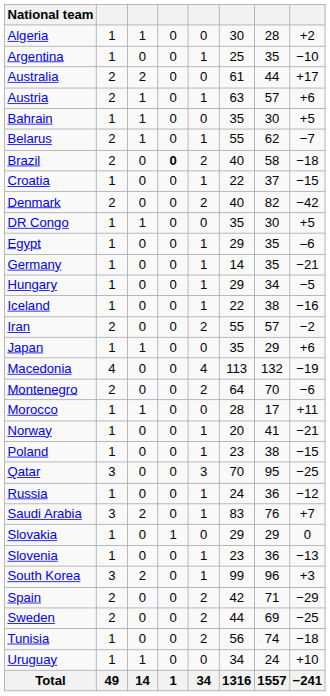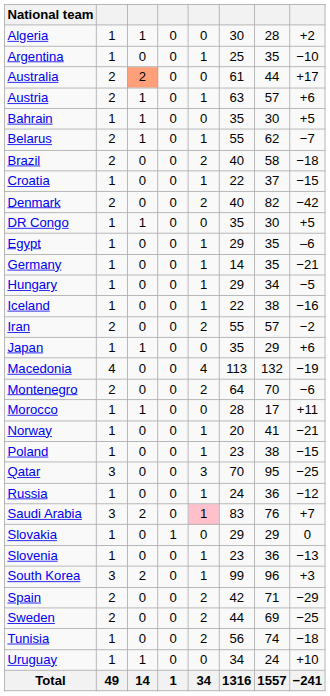 <table class="wikitable" style="text-align: center;">
 <tr>
 <th>National team</th>
 <th width="30"></th>
 <th width="30"></th>
 <th width="30"></th>
 <th width="30"></th>
 <th></th>
 <th></th>
 <th></th>
 </tr>
 <tr>
 <td align="left"> <a href='#'>Algeria</a></td>
 <td>1</td>
 <td>1</td>
 <td>0</td>
 <td>0</td>
 <td>30</td>
 <td>28</td>
 <td>+2</td>
 </tr>
 <tr>
 <td align="left"> <a href='#'>Argentina</a></td>
 <td>1</td>
 <td>0</td>
 <td>0</td>
 <td>1</td>
 <td>25</td>
 <td>35</td>
 <td>−10</td>
 </tr>
 <tr>
 <td align="left"> <a href='#'>Australia</a></td>
 <td>2</td>
-<td>2</td>
+<td style="background: lightsalmon;">2</td>
 <td>0</td>
 <td>0</td>
 <td>61</td>
 <td>44</td>
 <td>+17</td>
 </tr>
 <tr>
 <td align="left"> <a href='#'>Austria</a></td>
 <td>2</td>
 <td>1</td>
 <td>0</td>
 <td>1</td>
 <td>63</td>
 <td>57</td>
 <td>+6</td>
 </tr>
 <tr>
 <td align="left"> <a href='#'>Bahrain</a></td>
 <td>1</td>
 <td>1</td>
 <td>0</td>
 <td>0</td>
 <td>35</td>
 <td>30</td>
 <td>+5</td>
 </tr>
 <tr>
 <td align="left"> <a href='#'>Belarus</a></td>
 <td>2</td>
 <td>1</td>
 <td>0</td>
 <td>1</td>
 <td>55</td>
 <td>62</td>
 <td>−7</td>
 </tr>
 <tr>
 <td align="left"> <a href='#'>Brazil</a></td>
 <td>2</td>
 <td>0</td>
-<td><strong>0</strong></td>
+<td>0</td>
 <td>2</td>
 <td>40</td>
 <td>58</td>
 <td>−18</td>
 </tr>
 <tr>
 <td align="left"> <a href='#'>Croatia</a></td>
 <td>1</td>
 <td>0</td>
 <td>0</td>
 <td>1</td>
 <td>22</td>
 <td>37</td>
 <td>−15</td>
 </tr>
 <tr>
 <td align="left"> <a href='#'>Denmark</a></td>
 <td>2</td>
 <td>0</td>
 <td>0</td>
 <td>2</td>
 <td>40</td>
 <td>82</td>
 <td>−42</td>
 </tr>
 <tr>
 <td align="left"> <a href='#'>DR Congo</a></td>
 <td>1</td>
 <td>1</td>
 <td>0</td>
 <td>0</td>
 <td>35</td>
 <td>30</td>
 <td>+5</td>
 </tr>
 <tr>
 <td align="left"> <a href='#'>Egypt</a></td>
 <td>1</td>
 <td>0</td>
 <td>0</td>
 <td>1</td>
 <td>29</td>
 <td>35</td>
 <td>–6</td>
 </tr>
 <tr>
 <td align="left"> <a href='#'>Germany</a></td>
 <td>1</td>
 <td>0</td>
 <td>0</td>
 <td>1</td>
 <td>14</td>
 <td>35</td>
 <td>−21</td>
 </tr>
 <tr>
 <td align="left"> <a href='#'>Hungary</a></td>
 <td>1</td>
 <td>0</td>
 <td>0</td>
 <td>1</td>
 <td>29</td>
 <td>34</td>
 <td>−5</td>
 </tr>
 <tr>
 <td align="left"> <a href='#'>Iceland</a></td>
 <td>1</td>
 <td>0</td>
 <td>0</td>
 <td>1</td>
 <td>22</td>
 <td>38</td>
 <td>−16</td>
 </tr>
 <tr>
 <td align="left"> <a href='#'>Iran</a></td>
 <td>2</td>
 <td>0</td>
 <td>0</td>
 <td>2</td>
 <td>55</td>
 <td>57</td>
 <td>−2</td>
 </tr>
 <tr>
 <td align="left"> <a href='#'>Japan</a></td>
 <td>1</td>
 <td>1</td>
 <td>0</td>
 <td>0</td>
 <td>35</td>
 <td>29</td>
 <td>+6</td>
 </tr>
 <tr>
 <td align="left"> <a href='#'>Macedonia</a></td>
 <td>4</td>
 <td>0</td>
 <td>0</td>
 <td>4</td>
 <td>113</td>
 <td>132</td>
 <td>−19</td>
 </tr>
 <tr>
 <td align="left"> <a href='#'>Montenegro</a></td>
 <td>2</td>
 <td>0</td>
 <td>0</td>
 <td>2</td>
 <td>64</td>
 <td>70</td>
 <td>−6</td>
 </tr>
 <tr>
 <td align="left"> <a href='#'>Morocco</a></td>
 <td>1</td>
 <td>1</td>
 <td>0</td>
 <td>0</td>
 <td>28</td>
 <td>17</td>
 <td>+11</td>
 </tr>
 <tr>
 <td align="left"> <a href='#'>Norway</a></td>
 <td>1</td>
 <td>0</td>
 <td>0</td>
 <td>1</td>
 <td>20</td>
 <td>41</td>
 <td>−21</td>
 </tr>
 <tr>
 <td align="left"> <a href='#'>Poland</a></td>
 <td>1</td>
 <td>0</td>
 <td>0</td>
 <td>1</td>
 <td>23</td>
 <td>38</td>
 <td>−15</td>
 </tr>
 <tr>
 <td align="left"> <a href='#'>Qatar</a></td>
 <td>3</td>
 <td>0</td>
 <td>0</td>
 <td>3</td>
 <td>70</td>
 <td>95</td>
 <td>−25</td>
 </tr>
 <tr>
 <td align="left"> <a href='#'>Russia</a></td>
 <td>1</td>
 <td>0</td>
 <td>0</td>
 <td>1</td>
 <td>24</td>
 <td>36</td>
 <td>−12</td>
 </tr>
 <tr>
 <td align="left"> <a href='#'>Saudi Arabia</a></td>
 <td>3</td>
 <td>2</td>
 <td>0</td>
-<td>1</td>
+<td style="background: pink;">1</td>
 <td>83</td>
 <td>76</td>
 <td>+7</td>
 </tr>
 <tr>
 <td align="left"> <a href='#'>Slovakia</a></td>
 <td>1</td>
 <td>0</td>
 <td>1</td>
 <td>0</td>
 <td>29</td>
 <td>29</td>
 <td>0</td>
 </tr>
 <tr>
 <td align="left"> <a href='#'>Slovenia</a></td>
 <td>1</td>
 <td>0</td>
 <td>0</td>
 <td>1</td>
 <td>23</td>
 <td>36</td>
 <td>−13</td>
 </tr>
 <tr>
 <td align="left"> <a href='#'>South Korea</a></td>
 <td>3</td>
 <td>2</td>
 <td>0</td>
 <td>1</td>
 <td>99</td>
 <td>96</td>
 <td>+3</td>
 </tr>
 <tr>
 <td align="left"> <a href='#'>Spain</a></td>
 <td>2</td>
 <td>0</td>
 <td>0</td>
 <td>2</td>
 <td>42</td>
 <td>71</td>
 <td>−29</td>
 </tr>
 <tr>
 <td align="left"> <a href='#'>Sweden</a></td>
 <td>2</td>
 <td>0</td>
 <td>0</td>
 <td>2</td>
 <td>44</td>
 <td>69</td>
 <td>−25</td>
 </tr>
 <tr>
 <td align="left"> <a href='#'>Tunisia</a></td>
 <td>1</td>
 <td>0</td>
 <td>0</td>
 <td>2</td>
 <td>56</td>
 <td>74</td>
 <td>−18</td>
 </tr>
 <tr>
 <td align="left"> <a href='#'>Uruguay</a></td>
 <td>1</td>
 <td>1</td>
 <td>0</td>
 <td>0</td>
 <td>34</td>
 <td>24</td>
 <td>+10</td>
 </tr>
 <tr>
 <th>Total</th>
 <th>49</th>
 <th>14</th>
 <th>1</th>
 <th>34</th>
 <th>1316</th>
 <th>1557</th>
 <th>−241</th>
 </tr>
 </table>
